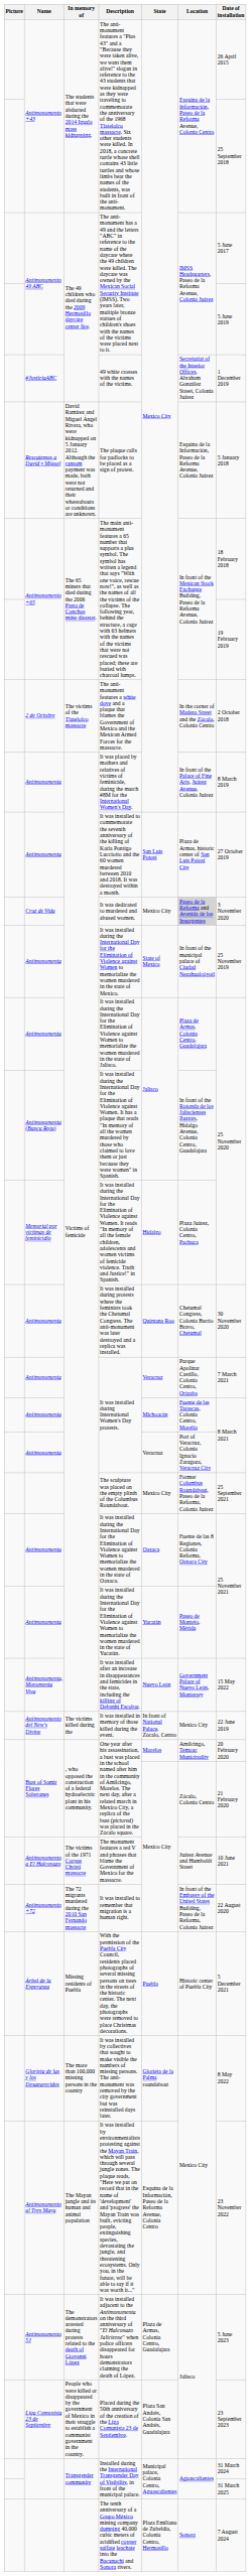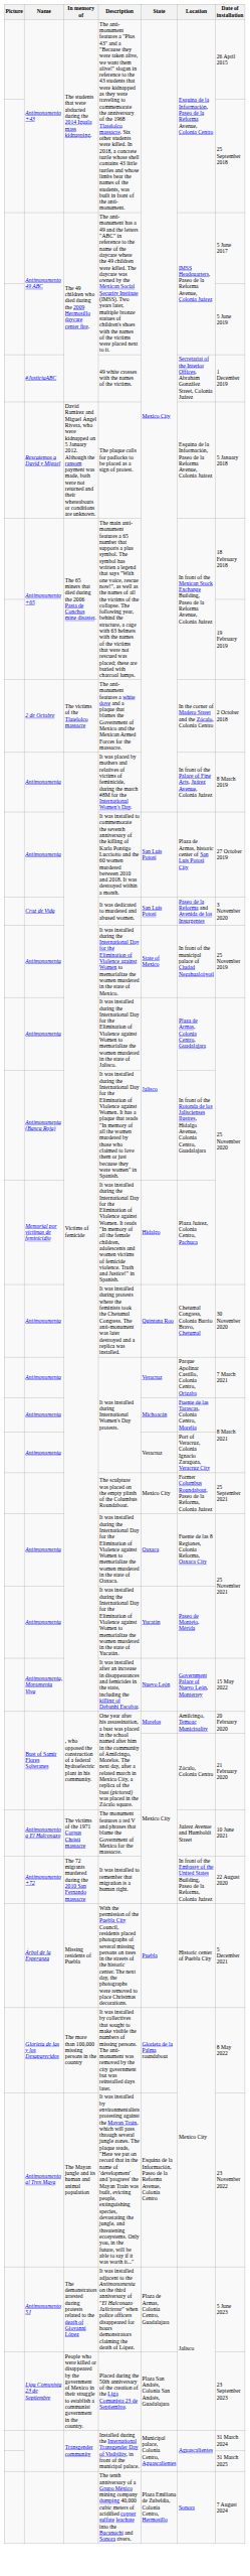 <table class="wikitable sortable">
 <tr>
 <th>Picture</th>
 <th>Name</th>
 <th>In memory of</th>
 <th>Description</th>
 <th>State</th>
 <th>Location</th>
 <th data-sort-type=isoDate>Date of installation</th>
 </tr>
 <tr>
 <td></td>
 <td rowspan=2><em><a href='#'>Antimonumento +43</a></em></td>
 <td rowspan=2>The students that were abducted during the <a href='#'>2014 Iguala mass kidnapping</a>.</td>
 <td rowspan=2>The anti-monument features a "Plus 43" and a "Because they were taken alive, we want them alive!" slogan in reference to the 43 students that were kidnapped as they were traveling to commemorate the anniversary of the 1968 <a href='#'>Tlatelolco massacre</a>. Six other students were killed. In 2018, a concrete turtle whose shell contains 43 little turtles and whose limbs bear the names of the students, was built in front of the anti-monument.</td>
 <td rowspan=10><a href='#'>Mexico City</a></td>
 <td rowspan=2><a href='#'>Esquina de la Información</a>, <a href='#'>Paseo de la Reforma</a> Avenue, <a href='#'>Colonia Centro</a></td>
 <td data-sort-value=2015-04-26>26 April 2015</td>
 </tr>
 <tr>
 <td></td>
 <td data-sort-value=2018-09-25>25 September 2018</td>
 </tr>
 <tr>
 <td></td>
 <td rowspan=2><em><a href='#'>Antimonumento 49 ABC</a></em></td>
 <td rowspan=3>The 49 children who died during the <a href='#'>2009 Hermosillo daycare center fire</a>.</td>
 <td rowspan=2>The anti-monument has a 49 and the letters "ABC" in reference to the name of the daycare where the 49 children were killed. The daycare was owned by the <a href='#'>Mexican Social Security Institute</a> (IMSS). Two years later, multiple bronze statues of children's shoes with the names of the victims were placed next to it.</td>
 <td rowspan=2><a href='#'>IMSS Headquarters</a>, Paseo de la Reforma Avenue, <a href='#'>Colonia Juárez</a></td>
 <td data-sort-value=2017-06-05>5 June 2017</td>
 </tr>
 <tr>
 <td></td>
 <td data-sort-value=2019-06-05>5 June 2019</td>
 </tr>
 <tr>
 <td></td>
 <td><em><a href='#'>#JusticiaABC</a></em></td>
 <td>49 white crosses with the names of the victims.</td>
 <td><a href='#'>Secretariat of the Interior Offices</a>, Abraham González Street, Colonia Juárez</td>
 <td data-sort-value=2019-12-01>1 December 2019</td>
 </tr>
 <tr>
 <td></td>
 <td><em><a href='#'>Rescatemos a David y Miguel</a></em></td>
 <td>David Ramírez and Miguel Ángel Rivera, who were kidnapped on 5 January 2012. Although the <a href='#'>ransom</a> payment was made, both were not returned and their whereabouts or conditions are unknown.</td>
 <td>The plaque calls for padlocks to be placed as a sign of protest.</td>
 <td>Esquina de la Información, Paseo de la Reforma Avenue, Colonia Juárez</td>
 <td data-sort-value=2018-01-05>5 January 2018</td>
 </tr>
 <tr>
 <td></td>
 <td rowspan=2><em><a href='#'>Antimonumento +65</a></em></td>
 <td rowspan=2>The 65 miners that died during the 2006 <a href='#'>Pasta de Conchos mine disaster</a>.</td>
 <td rowspan=2>The main anti-monument features a 65 number that supports a plus symbol. The symbol has written a legend that says "With one voice, rescue now!", as well as the names of all the victims of the collapse. The following year, behind the structure, a cage with 63 helmets with the names of the victims that were not rescued was placed; these are buried with charcoal lumps.</td>
 <td rowspan=2>In front of the <a href='#'>Mexican Stock Exchange</a> Building, Paseo de la Reforma Avenue, Colonia Juárez</td>
 <td data-sort-value=2018-02-18>18 February 2018</td>
 </tr>
 <tr>
 <td></td>
 <td data-sort-value=2019-02-19>19 February 2019</td>
 </tr>
 <tr>
 <td></td>
 <td><em><a href='#'>2 de Octubre</a></em></td>
 <td>The victims of the <a href='#'>Tlatelolco massacre</a></td>
 <td>The anti-monument features a <a href='#'>white dove</a> and a plaque that blames the Government of Mexico and the Mexican Armed Forces for the massacre.</td>
 <td>In the corner of <a href='#'>Madero Street</a> and the <a href='#'>Zócalo</a>, Colonia Centro</td>
 <td data-sort-value=2018-10-02>2 October 2018</td>
 </tr>
 <tr>
 <td></td>
 <td><em><a href='#'>Antimonumenta</a></em></td>
 <td rowspan=15>Victims of femicide</td>
 <td>It was placed by mothers and relatives of victims of feminicide, during the march #8M for the <a href='#'>International Women's Day</a>.</td>
 <td>In front of the <a href='#'>Palace of Fine Arts</a>, <a href='#'>Juárez Avenue</a>, Colonia Juárez</td>
 <td data-sort-value=2019-03-08>8 March 2019</td>
 </tr>
 <tr>
 <td></td>
 <td><em><a href='#'>Antimonumenta</a></em></td>
 <td>It was installed to commemorate the seventh anniversary of the killing of Karla Pontigo Lucciotto and the 60 women murdered between 2010 and 2018. It was destroyed within a month.</td>
 <td><a href='#'>San Luís Potosí</a></td>
 <td>Plaza de Armas, historic center of <a href='#'>San Luis Potosí City</a></td>
 <td data-sort-value=2019-10-27>27 October 2019</td>
 </tr>
 <tr>
 <td></td>
 <td><em><a href='#'>Cruz de Vida</a></em></td>
 <td>It was dedicated to murdered and abused women.</td>
-<td>Mexico City</td>
-<td style="background: lightgrey;"><a href='#'>Paseo de la Reforma</a> and <a href='#'>Avenida de los Insurgentes</a></td>
+<td><a href='#'>San Luís Potosí</a></td>
+<td><a href='#'>Paseo de la Reforma</a> and <a href='#'>Avenida de los Insurgentes</a></td>
 <td data-sort-value=2020-11-03>3 November 2020</td>
 </tr>
 <tr>
 <td></td>
 <td><em><a href='#'>Antimonumenta</a></em></td>
 <td>It was installed during the <a href='#'>International Day for the Elimination of Violence against Women</a> to memorialize the women murdered in the state of Mexico.</td>
 <td><a href='#'>State of Mexico</a></td>
 <td>In front of the municipal palace of <a href='#'>Ciudad Nezahualcóyotl</a></td>
 <td data-sort-value=2020-11-25>25 November 2019</td>
 </tr>
 <tr>
 <td></td>
 <td><em><a href='#'>Antimonumenta</a></em></td>
 <td>It was installed during the International Day for the Elimination of Violence against Women to memorialize the women murdered in the state of Jalisco.</td>
 <td rowspan=2><a href='#'>Jalisco</a></td>
 <td><a href='#'>Plaza de Armas</a>, <a href='#'>Colonia Centro</a>, <a href='#'>Guadalajara</a></td>
 <td rowspan=3 data-sort-value=2020-11-25>25 November 2020</td>
 </tr>
 <tr>
 <td></td>
 <td><em><a href='#'>Antimonumenta (Banca Roja)</a></em></td>
 <td>It was installed during the International Day for the Elimination of Violence against Women. It has a plaque that reads "In memory of all the women murdered by those who claimed to love them or just because they were women" in Spanish.</td>
 <td>In front of the <a href='#'>Rotonda de los Jaliscienses Ilustres</a>, Hidalgo Avenue, Colonia Centro, Guadalajara</td>
 </tr>
 <tr>
 <td></td>
 <td><em><a href='#'>Memorial por víctimas de feminicidio</a></em></td>
 <td>It was installed during the International Day for the Elimination of Violence against Women. It reads "In memory of all the female children, adolescents and women victims of femicide violence. Truth and Justice!" in Spanish.</td>
 <td><a href='#'>Hidalgo</a></td>
 <td>Plaza Juárez, Colonia Centro, <a href='#'>Pachuca</a></td>
 </tr>
 <tr>
 <td></td>
 <td><em><a href='#'>Antimonumenta</a></em></td>
 <td>It was installed during protests where the feminists took the Chetumal Congress. The anti-monument was later destroyed and a replica was installed.</td>
 <td><a href='#'>Quintana Roo</a></td>
 <td>Chetumal Congress, Colonia Barrio Bravo, <a href='#'>Chetumal</a></td>
 <td data-sort-value=2020-11-30>30 November 2020</td>
 </tr>
 <tr>
 <td></td>
 <td><em><a href='#'>Antimonumenta</a></em></td>
 <td rowspan=3>It was installed during International Women's Day protests.</td>
 <td><a href='#'>Veracruz</a></td>
 <td>Parque Apolinar Castillo, Colonia Centro, <a href='#'>Orizaba</a></td>
 <td data-sort-value=2021-03-07>7 March 2021</td>
 </tr>
 <tr>
 <td></td>
 <td><em><a href='#'>Antimonumenta</a></em></td>
 <td><a href='#'>Michoacán</a></td>
 <td><a href='#'>Fuente de las Tarascas</a>, Colonia Centro, <a href='#'>Morelia</a></td>
 <td rowspan=2 data-sort-value=2021-03-08>8 March 2021</td>
 </tr>
 <tr>
 <td></td>
 <td><em><a href='#'>Antimonumenta</a></em></td>
 <td>Veracruz</td>
 <td>Port of Veracruz, Colonia Ignacio Zaragoza, <a href='#'>Veracruz City</a></td>
 </tr>
 <tr>
 <td></td>
 <td></td>
 <td>The sculpture was placed on the empty plinth of the Columbus Roundabout.</td>
 <td>Mexico City</td>
 <td>Former <a href='#'>Columbus Roundabout</a>, Paseo de la Reforma, Colonia Juárez</td>
 <td data-sort-value=2021-09-25>25 September 2021</td>
 </tr>
 <tr>
 <td></td>
 <td><em><a href='#'>Antimonumenta</a></em></td>
 <td>It was installed during the International Day for the Elimination of Violence against Women to memorialize the women murdered in the state of Oaxaca.</td>
 <td><a href='#'>Oaxaca</a></td>
 <td>Fuente de las 8 Regiones, Colonia Reforma, <a href='#'>Oaxaca City</a></td>
 <td rowspan=2 data-sort-value=2021-11-25>25 November 2021</td>
 </tr>
 <tr>
 <td></td>
 <td><em><a href='#'>Antimonumenta</a></em></td>
 <td>It was installed during the International Day for the Elimination of Violence against Women to memorialize the women murdered in the state of Yucatán.</td>
 <td><a href='#'>Yucatán</a></td>
 <td><a href='#'>Paseo de Montejo</a>, <a href='#'>Mérida</a></td>
 </tr>
 <tr>
 <td></td>
 <td><em><a href='#'>Antimonumenta, Monumenta Viva</a></em></td>
 <td>It was installed after an increase in disappearances and femicides in the state, including the <a href='#'>killing of Debanhi Escobar</a>.</td>
 <td><a href='#'>Nuevo León</a></td>
 <td><a href='#'>Government Palace of Nuevo León</a>, <a href='#'>Monterrey</a></td>
 <td data-sort-value=2022-05-15>15 May 2022</td>
-</tr>
-<tr>
-<td></td>
-<td><em><a href='#'>Antimonumento del New's Divine</a></em></td>
-<td>The victims killed during the </td>
-<td>It was installed in memory of those killed during the event.</td>
-<td>In front of <a href='#'>National Palace</a>, Zócalo, Centro</td>
-<td>Mexico City</td>
-<td data-sort-value=2019-06-22>22 June 2019</td>
 </tr>
 <tr>
 <td rowspan="2"></td>
 <td rowspan="2"><a href='#'>Bust of Samir Flores Soberanes</a></td>
 <td rowspan="2">, who opposed the construction of a federal hydroelectric plant in his community.</td>
 <td rowspan="2">One year after his assassination, a bust was placed in the school named after him in the community of Amilcingo, Morelos. The next day, after a related march in Mexico City, a replica of the bust <em>(pictured)</em> was placed in the Zócalo square.</td>
 <td><a href='#'>Morelos</a></td>
 <td>Amilcingo, <a href='#'>Temoac Municipality</a></td>
 <td data-sort-value=2020-02-20>20 February 2020</td>
 </tr>
 <tr>
 <td rowspan=3>Mexico City</td>
 <td>Zócalo, Colonia Centro</td>
 <td data-sort-value=2020-02-21>21 February 2020</td>
 </tr>
 <tr>
 <td></td>
 <td><em><a href='#'>Antimonumento a El Halconazo</a></em></td>
 <td>The victims of the 1971 <a href='#'>Corpus Christi massacre</a></td>
 <td>The monument features a red V and phrases that blame the Government of Mexico for the massacre.</td>
 <td>Juárez Avenue and Humboldt Street</td>
 <td data-sort-value=2021-06-10>10 June 2021</td>
 </tr>
 <tr>
 <td></td>
 <td><em><a href='#'>Antimonumento +72</a></em></td>
 <td>The 72 migrants murdered during the <a href='#'>2010 San Fernando massacre</a></td>
 <td>It was installed to remember that migration is a human right.</td>
 <td>In front of the <a href='#'>Embassy of the United States</a> Building, Paseo de la Reforma, Colonia Juárez</td>
 <td data-sort-value=2020-08-22>22 August 2020</td>
 </tr>
 <tr>
 <td></td>
 <td><em><a href='#'>Árbol de la Esperanza</a></em></td>
 <td>Missing residents of Puebla</td>
 <td>With the permission of the <a href='#'>Puebla City</a> Council, residents placed photographs of several missing persons on trees in the streets of the historic center. The next day, the photographs were removed to place Christmas decorations.</td>
 <td><a href='#'>Puebla</a></td>
 <td>Historic center of Puebla City</td>
 <td data-sort-value=2021-12-05>5 December 2021</td>
 </tr>
 <tr>
 <td></td>
 <td><em><a href='#'>Glorieta de las y los Desaparecidos</a></em></td>
 <td>The more than 100,000 missing persons in the country</td>
 <td>It was installed by collectives that sought to make visible the numbers of missing persons. The anti-monument was removed by the city government but was reinstalled days later.</td>
 <td><a href='#'>Glorieta de la Palma</a> roundabout</td>
 <td rowspan="2">Mexico City</td>
 <td data-sort-value=2022-05-08>8 May 2022</td>
 </tr>
 <tr>
 <td></td>
 <td><em><a href='#'>Antimonumento al Tren Maya</a></em></td>
 <td>The Mayan jungle and its human and animal population</td>
 <td>It was installed by environmentalists protesting against the <a href='#'>Mayan Train</a>, which will pass through several jungle zones. The plaque reads, "Here we put on record that in the name of 'development' and 'progress' the Mayan Train was built, evicting people, extinguishing species, devastating the jungle, and threatening ecosystems. Only you, in the future, will be able to say if it was worth it..."</td>
 <td>Esquina de la Información, Paseo de la Reforma Avenue, Colonia Centro</td>
 <td data-sort-value=2022-11-23>23 November 2022</td>
 </tr>
 <tr>
 <td></td>
 <td><em><a href='#'>Antimonumento 5J</a></em></td>
 <td>The demonstrators arrested during protests related to the <a href='#'>death of Giovanni López</a></td>
 <td>It was installed adjacent to the <em>Antimonumenta</em> on the third anniversary of "<em>El Halconazo Jaliciense</em>" when police officers disappeared for hours demonstrators claiming the death of López.</td>
 <td>Plaza de Armas, Colonia Centro, Guadalajara</td>
 <td rowspan="2">Jalisco</td>
 <td data-sort-value=2023-06-05>5 June 2023</td>
 </tr>
 <tr>
 <td></td>
 <td><em><a href='#'>Liga Comunista 23 de Septiembre</a></em></td>
 <td>People who were killed or disappeared by the government of Mexico in their struggle to establish a communist government in the country.</td>
 <td>Placed during the 50th anniversary of the creation of the <a href='#'>Liga Comunista 23 de Septiembre</a>.</td>
 <td>Plaza San Andrés, Colonia San Andrés, Guadalajara</td>
 <td data-sort-value=2023-09-23>23 September 2023</td>
 </tr>
 <tr>
 <td></td>
 <td rowspan="2"></td>
 <td rowspan="2"><a href='#'>Transgender community</a></td>
 <td rowspan="2">Installed during the <a href='#'>International Transgender Day of Visibility</a>, in front of the municipal palace.</td>
 <td rowspan="2">Municipal palace, Colonia Centro, <a href='#'>Aguascalientes</a></td>
 <td rowspan="2"><a href='#'>Aguascalientes</a></td>
 <td data-sort-value=2024-03-31>31 March 2024</td>
 </tr>
 <tr>
 <td></td>
 <td data-sort-value=2025-03-31>31 March 2025</td>
 </tr>
 <tr>
 <td></td>
 <td></td>
 <td></td>
 <td>The tenth anniversary of a <a href='#'>Grupo México</a> mining company <a href='#'>dumping</a> 40,000 cubic meters of acidified <a href='#'>copper sulfate</a> <a href='#'>leachate</a> into the <a href='#'>Bacanuchi</a> and <a href='#'>Sonora</a> rivers.</td>
 <td>Plaza Emiliana de Zubeldía, Colonia Centro, <a href='#'>Hermosillo</a></td>
 <td><a href='#'>Sonora</a></td>
 <td data-sort-value=2024-08-07>7 August 2024</td>
 </tr>
 </table>
